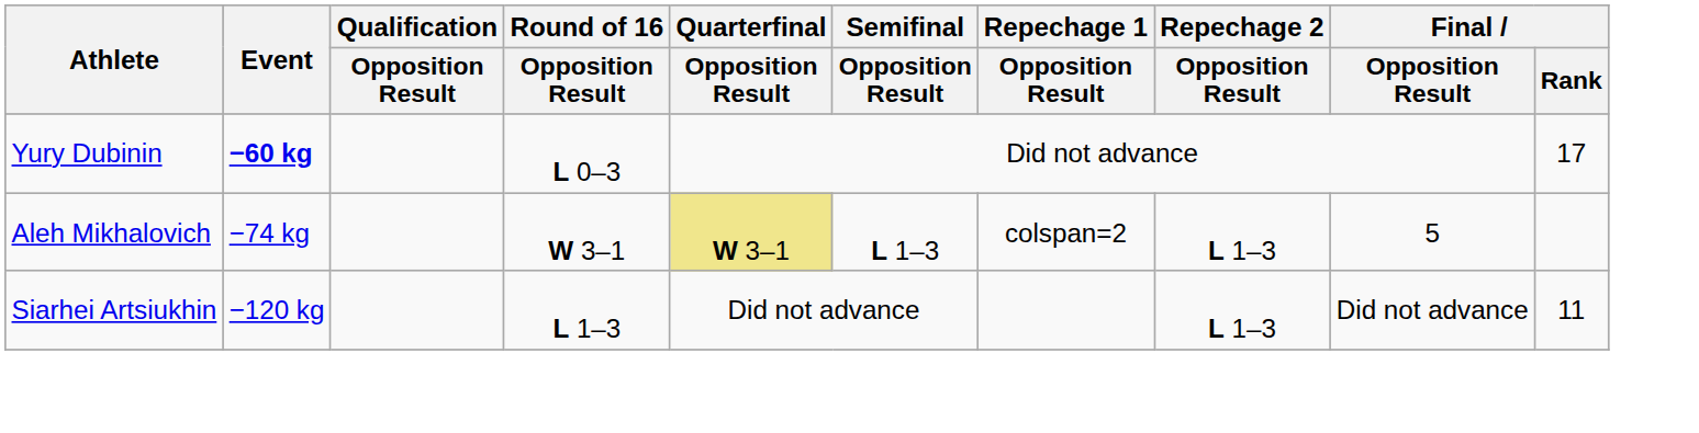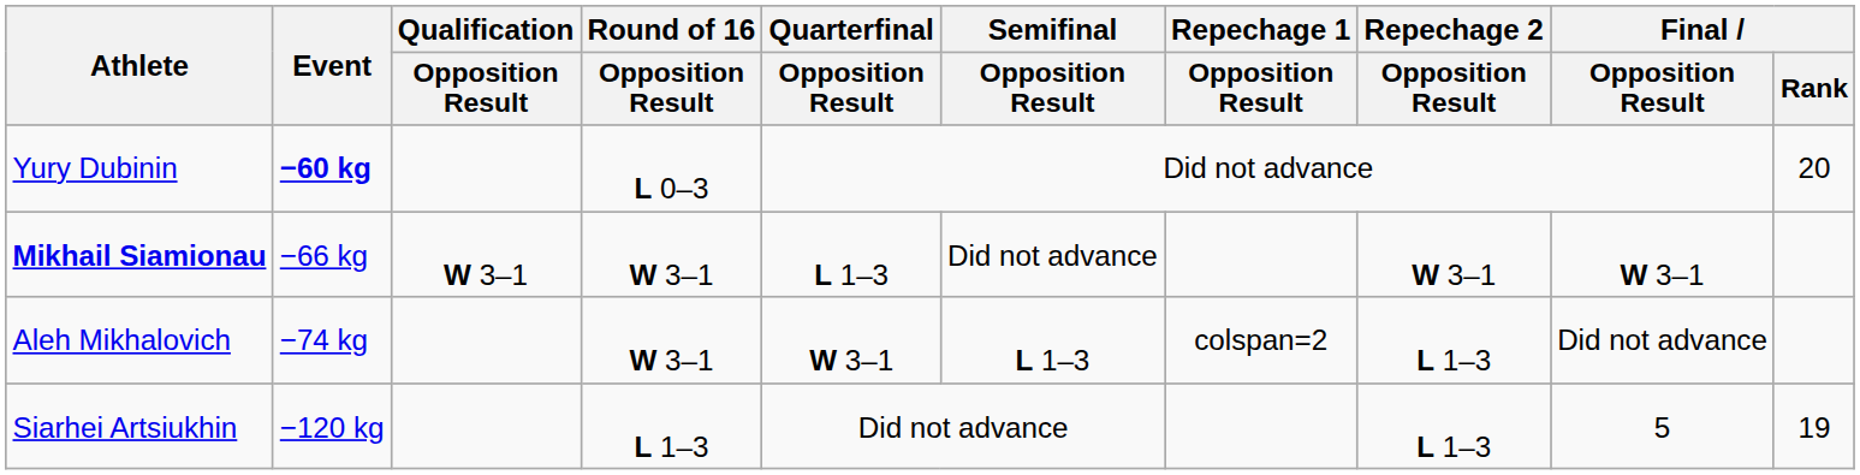 <table class="wikitable" style="font-size:90%">
 <tr>
 <th rowspan="2">Athlete</th>
 <th rowspan="2">Event</th>
 <th>Qualification</th>
 <th>Round of 16</th>
 <th>Quarterfinal</th>
 <th>Semifinal</th>
 <th>Repechage 1</th>
 <th>Repechage 2</th>
 <th colspan=2>Final / </th>
 </tr>
 <tr style="font-size: 95%">
 <th>Opposition<br>Result</th>
 <th>Opposition<br>Result</th>
 <th>Opposition<br>Result</th>
 <th>Opposition<br>Result</th>
 <th>Opposition<br>Result</th>
 <th>Opposition<br>Result</th>
 <th>Opposition<br>Result</th>
 <th>Rank</th>
 </tr>
 <tr align=center>
 <td align=left><a href='#'>Yury Dubinin</a></td>
 <td align=left><strong><a href='#'>−60 kg</a></strong></td>
 <td></td>
 <td><br><strong>L</strong> 0–3 <sup></sup></td>
 <td colspan=5>Did not advance</td>
-<td>17</td>
+<td>20</td>
+</tr>
+<tr align=center>
+<td align=left><strong><a href='#'>Mikhail Siamionau</a></strong></td>
+<td align=left><a href='#'>−66 kg</a></td>
+<td><br><strong>W</strong> 3–1 <sup></sup></td>
+<td><br><strong>W</strong> 3–1 <sup></sup></td>
+<td><br><strong>L</strong> 1–3 <sup></sup></td>
+<td>Did not advance</td>
+<td></td>
+<td><br><strong>W</strong> 3–1 <sup></sup></td>
+<td><br><strong>W</strong> 3–1 <sup></sup></td>
+<td></td>
 </tr>
 <tr align=center>
 <td align=left><a href='#'>Aleh Mikhalovich</a></td>
 <td align=left><a href='#'>−74 kg</a></td>
 <td></td>
 <td><br><strong>W</strong> 3–1 <sup></sup></td>
-<td style="background: khaki;"><br><strong>W</strong> 3–1 <sup></sup></td>
+<td><br><strong>W</strong> 3–1 <sup></sup></td>
 <td><br><strong>L</strong> 1–3 <sup></sup></td>
 <td>colspan=2 </td>
 <td><br><strong>L</strong> 1–3 <sup></sup></td>
-<td>5</td>
+<td>Did not advance</td>
 </tr>
 <tr align=center>
 <td align=left><a href='#'>Siarhei Artsiukhin</a></td>
 <td align=left><a href='#'>−120 kg</a></td>
 <td></td>
 <td align=center><br><strong>L</strong> 1–3 <sup></sup></td>
 <td colspan=2>Did not advance</td>
 <td></td>
 <td><br><strong>L</strong> 1–3 <sup></sup></td>
-<td>Did not advance</td>
-<td>11</td>
+<td>5</td>
+<td>19</td>
 </tr>
 </table>
